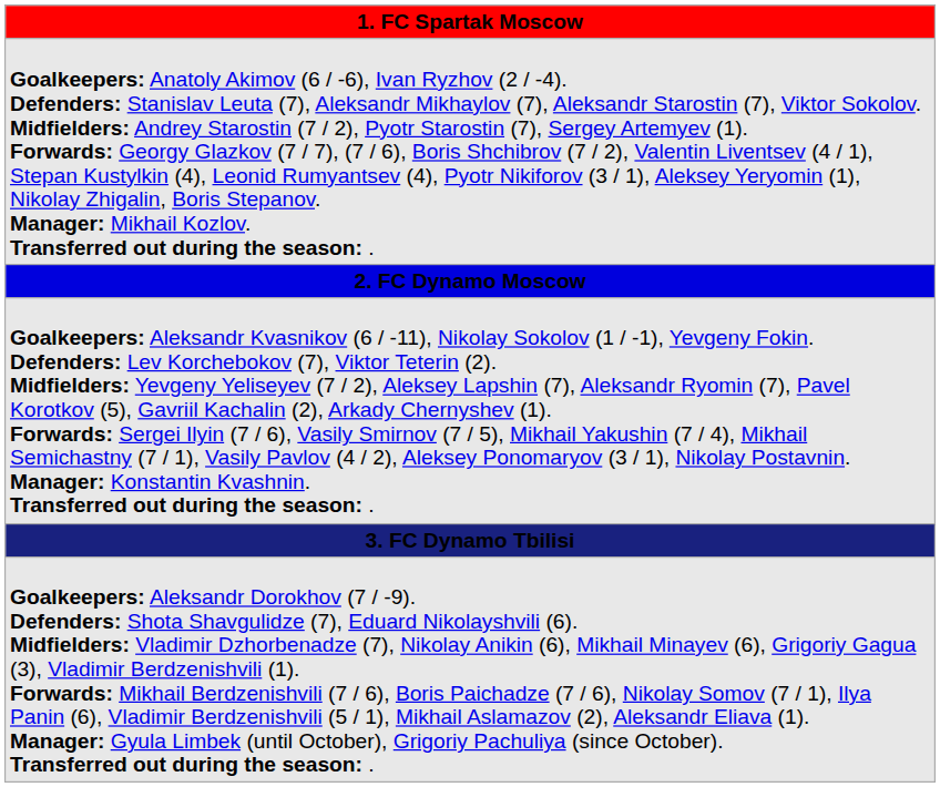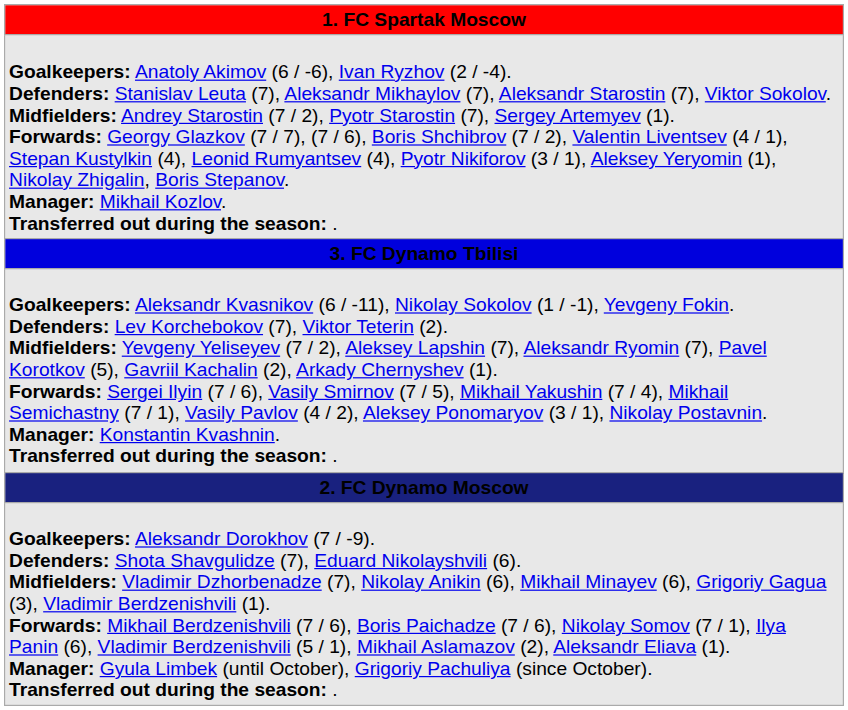 <table class="wikitable" style="width:700px;">
 <tr style="background:#f00;">
 <td style="text-align:center; width:700px;"><span> <strong>1. FC Spartak Moscow</strong> </span></td>
 </tr>
 <tr style="background:#e8e8e8;">
 <td style="text-align:left; width:700px;"><br><strong>Goalkeepers:</strong> <a href='#'>Anatoly Akimov</a> (6 / -6), <a href='#'>Ivan Ryzhov</a> (2 / -4).<br> <strong>Defenders:</strong> <a href='#'>Stanislav Leuta</a> (7), <a href='#'>Aleksandr Mikhaylov</a> (7), <a href='#'>Aleksandr Starostin</a> (7), <a href='#'>Viktor Sokolov</a>.<br> <strong>Midfielders:</strong> <a href='#'>Andrey Starostin</a> (7 / 2), <a href='#'>Pyotr Starostin</a> (7), <a href='#'>Sergey Artemyev</a> (1).<br> <strong>Forwards:</strong> <a href='#'>Georgy Glazkov</a> (7 / 7),  (7 / 6), <a href='#'>Boris Shchibrov</a> (7 / 2), <a href='#'>Valentin Liventsev</a> (4 / 1), <a href='#'>Stepan Kustylkin</a> (4), <a href='#'>Leonid Rumyantsev</a> (4), <a href='#'>Pyotr Nikiforov</a> (3 / 1), <a href='#'>Aleksey Yeryomin</a> (1), <a href='#'>Nikolay Zhigalin</a>, <a href='#'>Boris Stepanov</a>.<br><strong>Manager:</strong> <a href='#'>Mikhail Kozlov</a>.<br><strong>Transferred out during the season:</strong> .</td>
 </tr>
 <tr style="background:#00d;">
-<td style="text-align:center; width:700px;"><span> <strong>2. FC Dynamo Moscow</strong> </span></td>
+<td style="text-align:center; width:700px;"><span> <strong>3. FC Dynamo Tbilisi</strong> </span></td>
 </tr>
 <tr style="background:#e8e8e8;">
 <td style="text-align:left; width:700px;"><br><strong>Goalkeepers:</strong> <a href='#'>Aleksandr Kvasnikov</a> (6 / -11), <a href='#'>Nikolay Sokolov</a> (1 / -1), <a href='#'>Yevgeny Fokin</a>.<br> <strong>Defenders:</strong> <a href='#'>Lev Korchebokov</a> (7), <a href='#'>Viktor Teterin</a> (2).<br> <strong>Midfielders:</strong> <a href='#'>Yevgeny Yeliseyev</a> (7 / 2), <a href='#'>Aleksey Lapshin</a> (7), <a href='#'>Aleksandr Ryomin</a> (7), <a href='#'>Pavel Korotkov</a> (5), <a href='#'>Gavriil Kachalin</a> (2), <a href='#'>Arkady Chernyshev</a> (1).<br> <strong>Forwards:</strong> <a href='#'>Sergei Ilyin</a> (7 / 6), <a href='#'>Vasily Smirnov</a> (7 / 5), <a href='#'>Mikhail Yakushin</a> (7 / 4), <a href='#'>Mikhail Semichastny</a> (7 / 1), <a href='#'>Vasily Pavlov</a> (4 / 2), <a href='#'>Aleksey Ponomaryov</a> (3 / 1), <a href='#'>Nikolay Postavnin</a>.<br><strong>Manager:</strong> <a href='#'>Konstantin Kvashnin</a>.<br><strong>Transferred out during the season:</strong> .</td>
 </tr>
 <tr style="background:#19217f;">
-<td style="text-align:center; width:700px;"><span> <strong>3. FC Dynamo Tbilisi</strong> </span></td>
+<td style="text-align:center; width:700px;"><span> <strong>2. FC Dynamo Moscow</strong> </span></td>
 </tr>
 <tr style="background:#e8e8e8;">
 <td style="text-align:left; width:700px;"><br><strong>Goalkeepers:</strong> <a href='#'>Aleksandr Dorokhov</a> (7 / -9).<br> <strong>Defenders:</strong> <a href='#'>Shota Shavgulidze</a> (7), <a href='#'>Eduard Nikolayshvili</a> (6).<br> <strong>Midfielders:</strong> <a href='#'>Vladimir Dzhorbenadze</a> (7), <a href='#'>Nikolay Anikin</a> (6), <a href='#'>Mikhail Minayev</a> (6), <a href='#'>Grigoriy Gagua</a> (3), <a href='#'>Vladimir Berdzenishvili</a> (1).<br> <strong>Forwards:</strong> <a href='#'>Mikhail Berdzenishvili</a> (7 / 6), <a href='#'>Boris Paichadze</a> (7 / 6), <a href='#'>Nikolay Somov</a> (7 / 1), <a href='#'>Ilya Panin</a> (6), <a href='#'>Vladimir Berdzenishvili</a> (5 / 1), <a href='#'>Mikhail Aslamazov</a> (2), <a href='#'>Aleksandr Eliava</a> (1).<br><strong>Manager:</strong> <a href='#'>Gyula Limbek</a> (until October), <a href='#'>Grigoriy Pachuliya</a> (since October).<br><strong>Transferred out during the season:</strong> .</td>
 </tr>
 </table>
